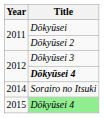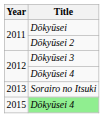 <table class="wikitable">
 <tr>
 <th>Year</th>
 <th>Title</th>
 </tr>
 <tr>
 <td rowspan="2">2011</td>
 <td><em>Dōkyūsei</em></td>
 </tr>
 <tr>
 <td><em>Dōkyūsei 2</em></td>
 </tr>
 <tr>
 <td rowspan="2">2012</td>
 <td><em>Dōkyūsei 3</em></td>
 </tr>
 <tr>
-<td><strong><em>Dōkyūsei 4</em></strong></td>
+<td><em>Dōkyūsei 4</em></td>
 </tr>
 <tr>
-<td>2014</td>
+<td>2013</td>
 <td><em>Sorairo no Itsuki</em></td>
 </tr>
 <tr>
 <td>2015</td>
 <td style="background: lightgreen;"><em>Dōkyūsei 4</em></td>
 </tr>
 </table>
